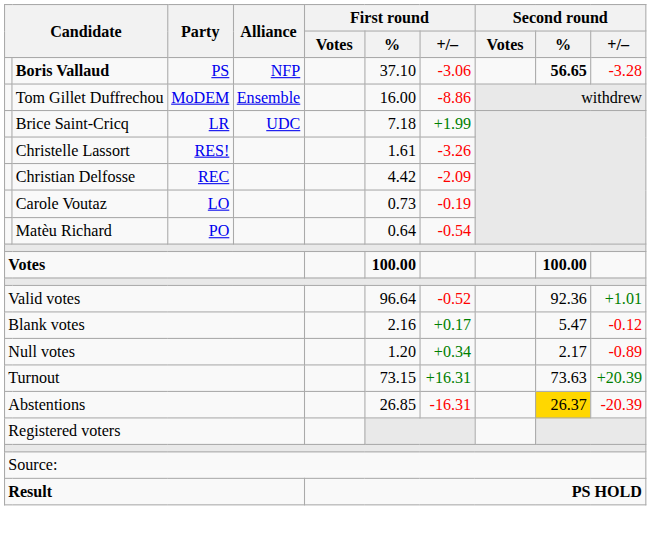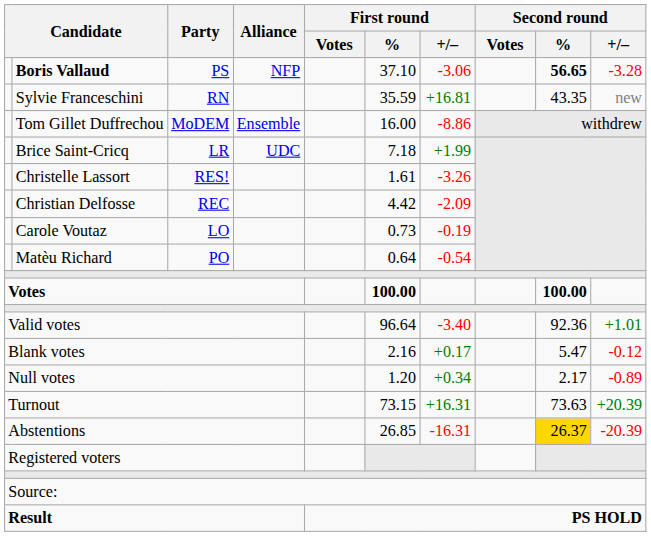 <table class="wikitable" style="text-align:right;font-size:95%;">
 <tr>
 <th rowspan="2" colspan="2">Candidate</th>
 <th colspan="1" rowspan="2">Party</th>
 <th colspan="1" rowspan="2">Alliance</th>
 <th colspan="3">First round</th>
 <th colspan="3">Second round</th>
 </tr>
 <tr>
 <th style="width:50px;">Votes</th>
 <th style="width:45px;">%</th>
 <th style="width:45px;">+/–</th>
 <th style="width:50px;">Votes</th>
 <th style="width:45px;">%</th>
 <th style="width:45px;">+/–</th>
 </tr>
 <tr>
 <td style="color:inherit;background:"></td>
 <td style="text-align:left;"><strong>Boris Vallaud</strong></td>
 <td><a href='#'>PS</a></td>
 <td><a href='#'>NFP</a></td>
 <td></td>
 <td>37.10</td>
 <td style="color:red;">-3.06</td>
 <td><strong></strong></td>
 <td><strong>56.65</strong></td>
 <td style="color:red;">-3.28</td>
+</tr>
+<tr>
+<td style="color:inherit;background:"></td>
+<td style="text-align:left;">Sylvie Franceschini</td>
+<td><a href='#'>RN</a></td>
+<td></td>
+<td></td>
+<td>35.59</td>
+<td style="color:green;">+16.81</td>
+<td></td>
+<td>43.35</td>
+<td style="color:grey;">new</td>
 </tr>
 <tr>
 <td style="color:inherit;background:"></td>
 <td style="text-align:left;">Tom Gillet Duffrechou</td>
 <td><a href='#'>MoDEM</a></td>
 <td><a href='#'>Ensemble</a></td>
 <td></td>
 <td>16.00</td>
 <td style="color:red;">-8.86</td>
 <td colspan="3" style="background:#E9E9E9;">withdrew</td>
 </tr>
 <tr>
 <td style="color:inherit;background:"></td>
 <td style="text-align:left;">Brice Saint-Cricq</td>
 <td><a href='#'>LR</a></td>
 <td><a href='#'>UDC</a></td>
 <td></td>
 <td>7.18</td>
 <td style="color:green;">+1.99</td>
 <td colspan="3" rowspan="5" style="background:#E9E9E9;"></td>
 </tr>
 <tr>
 <td style="color:inherit;background:"></td>
 <td style="text-align:left;">Christelle Lassort</td>
 <td><a href='#'>RES!</a></td>
 <td></td>
 <td></td>
 <td>1.61</td>
 <td style="color:red;">-3.26</td>
 </tr>
 <tr>
 <td style="color:inherit;background:"></td>
 <td style="text-align:left;">Christian Delfosse</td>
 <td><a href='#'>REC</a></td>
 <td></td>
 <td></td>
 <td>4.42</td>
 <td style="color:red;">-2.09</td>
 </tr>
 <tr>
 <td style="color:inherit;background:"></td>
 <td style="text-align:left;">Carole Voutaz</td>
 <td><a href='#'>LO</a></td>
 <td></td>
 <td></td>
 <td>0.73</td>
 <td style="color:red;">-0.19</td>
 </tr>
 <tr>
 <td style="color:inherit;background:"></td>
 <td style="text-align:left;">Matèu Richard</td>
 <td><a href='#'>PO</a></td>
 <td></td>
 <td></td>
 <td>0.64</td>
 <td style="color:red;">-0.54</td>
 </tr>
 <tr>
 <td colspan="10" style="background:#E9E9E9;"></td>
 </tr>
 <tr style="font-weight:bold;">
 <td colspan="4" style="text-align:left;">Votes</td>
 <td></td>
 <td>100.00</td>
 <td></td>
 <td></td>
 <td>100.00</td>
 <td></td>
 </tr>
 <tr>
 <td colspan="10" style="background:#E9E9E9;"></td>
 </tr>
 <tr>
 <td colspan="4" style="text-align:left;">Valid votes</td>
 <td></td>
 <td>96.64</td>
-<td style="color:red;">-0.52</td>
+<td style="color:red;">-3.40</td>
 <td></td>
 <td>92.36</td>
 <td style="color:green;">+1.01</td>
 </tr>
 <tr>
 <td colspan="4" style="text-align:left;">Blank votes</td>
 <td></td>
 <td>2.16</td>
 <td style="color:green;">+0.17</td>
 <td></td>
 <td>5.47</td>
 <td style="color:red;">-0.12</td>
 </tr>
 <tr>
 <td colspan="4" style="text-align:left;">Null votes</td>
 <td></td>
 <td>1.20</td>
 <td style="color:green;">+0.34</td>
 <td></td>
 <td>2.17</td>
 <td style="color:red;">-0.89</td>
 </tr>
 <tr>
 <td colspan="4" style="text-align:left;">Turnout</td>
 <td></td>
 <td>73.15</td>
 <td style="color:green;">+16.31</td>
 <td></td>
 <td>73.63</td>
 <td style="color:green;">+20.39</td>
 </tr>
 <tr>
 <td colspan="4" style="text-align:left;">Abstentions</td>
 <td></td>
 <td>26.85</td>
 <td style="color:red;">-16.31</td>
 <td></td>
 <td style="background: gold;">26.37</td>
 <td style="color:red;">-20.39</td>
 </tr>
 <tr>
 <td colspan="4" style="text-align:left;">Registered voters</td>
 <td></td>
 <td colspan="2" style="background:#E9E9E9;"></td>
 <td></td>
 <td colspan="2" style="background:#E9E9E9;"></td>
 </tr>
 <tr>
 <td colspan="10" style="background:#E9E9E9;"></td>
 </tr>
 <tr>
 <td colspan="10" style="text-align:left;">Source: </td>
 </tr>
 <tr style="font-weight:bold">
 <td colspan="4" style="text-align:left;">Result</td>
 <td colspan="6" style="background-color:">PS HOLD</td>
 </tr>
 </table>
